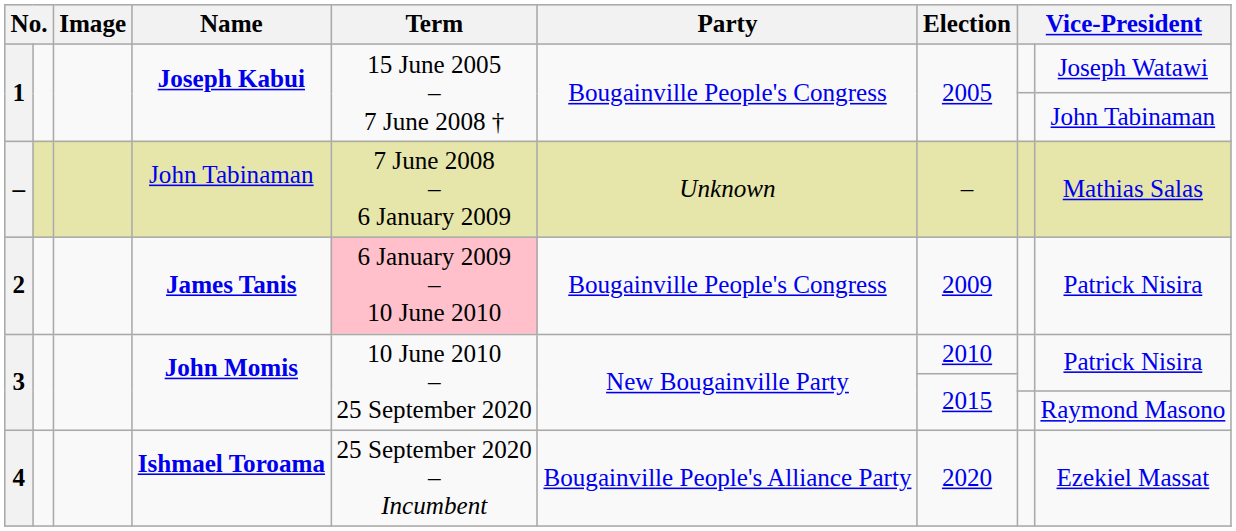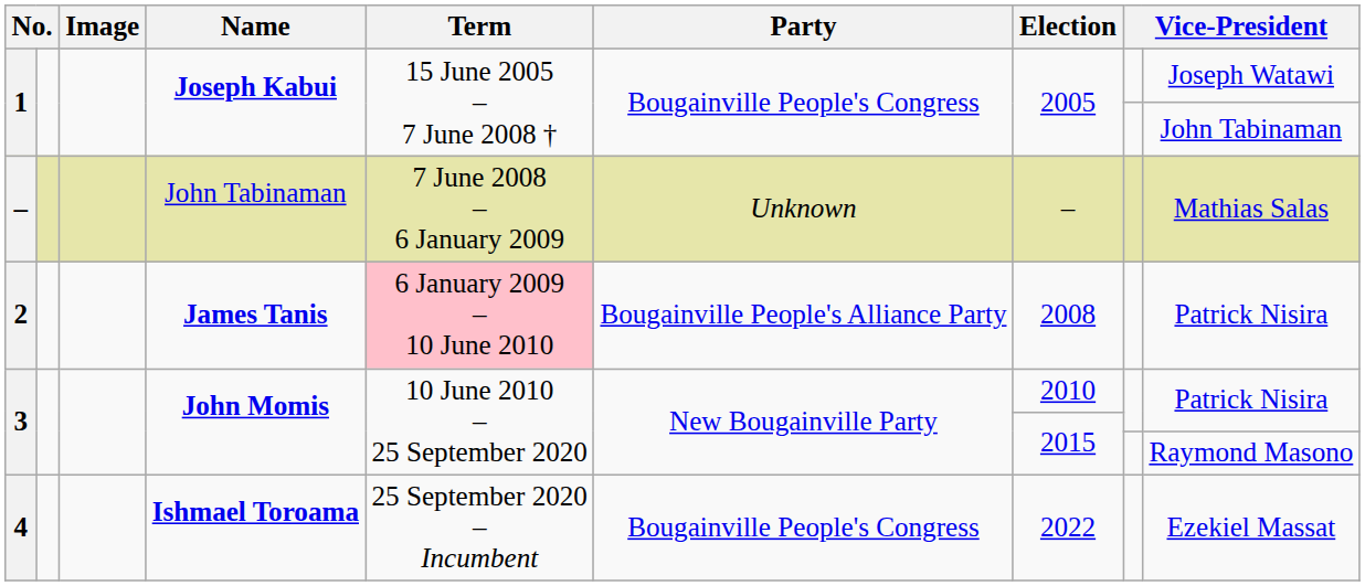 <table class="wikitable" style="text-align:center;">
 <tr>
 <th colspan="2">No.</th>
 <th>Image</th>
 <th>Name</th>
 <th>Term</th>
 <th>Party</th>
 <th>Election</th>
 <th colspan="2"><a href='#'>Vice-President</a></th>
 </tr>
 <tr>
 <th rowspan="2">1</th>
 <td rowspan="2" style="background-color:"> </td>
 <td rowspan="2"></td>
 <td rowspan="2"><strong><a href='#'>Joseph Kabui</a></strong><br><br></td>
 <td rowspan="2">15 June 2005<br>–<br>7 June 2008 †</td>
 <td rowspan="2"><a href='#'>Bougainville People's Congress</a></td>
 <td rowspan="2"><a href='#'>2005</a></td>
 <td></td>
 <td><a href='#'>Joseph Watawi</a> </td>
 </tr>
 <tr>
 <td></td>
 <td><a href='#'>John Tabinaman</a> </td>
 </tr>
 <tr style="background:#e6e6aa;">
 <th>–</th>
 <td></td>
 <td></td>
 <td><a href='#'>John Tabinaman</a><br><br></td>
 <td>7 June 2008<br>–<br>6 January 2009</td>
 <td><em>Unknown</em></td>
 <td>–</td>
 <td style="background-color:"> </td>
 <td><a href='#'>Mathias Salas</a></td>
 </tr>
 <tr>
 <th>2</th>
 <td style="background-color:"> </td>
 <td></td>
 <td><strong><a href='#'>James Tanis</a></strong><br></td>
 <td style="background: pink;">6 January 2009<br>–<br>10 June 2010</td>
-<td><a href='#'>Bougainville People's Congress</a></td>
-<td><a href='#'>2009</a></td>
+<td><a href='#'>Bougainville People's Alliance Party</a></td>
+<td><a href='#'>2008</a></td>
 <td style="background-color:"> </td>
 <td><a href='#'>Patrick Nisira</a></td>
 </tr>
 <tr>
 <th rowspan="3">3</th>
 <td rowspan="3" style="background-color:"> </td>
 <td rowspan="3"></td>
 <td rowspan="3"><strong><a href='#'>John Momis</a></strong><br><br></td>
 <td rowspan="3">10 June 2010<br>–<br>25 September 2020</td>
 <td rowspan="3"><a href='#'>New Bougainville Party</a></td>
 <td><a href='#'>2010</a></td>
 <td rowspan="2" style="background-color:"> </td>
 <td rowspan="2"><a href='#'>Patrick Nisira</a> </td>
 </tr>
 <tr>
 <td rowspan="2"><a href='#'>2015</a></td>
 </tr>
 <tr>
 <td></td>
 <td><a href='#'>Raymond Masono</a> </td>
 </tr>
 <tr>
 <th>4</th>
 <td style="background-color:"> </td>
 <td></td>
 <td><strong><a href='#'>Ishmael Toroama</a></strong><br><br></td>
 <td>25 September 2020<br>–<br><em>Incumbent</em></td>
-<td><a href='#'>Bougainville People's Alliance Party</a></td>
-<td><a href='#'>2020</a></td>
+<td><a href='#'>Bougainville People's Congress</a></td>
+<td><a href='#'>2022</a></td>
 <td style="background-color:"> </td>
 <td><a href='#'>Ezekiel Massat</a></td>
 </tr>
 </table>
